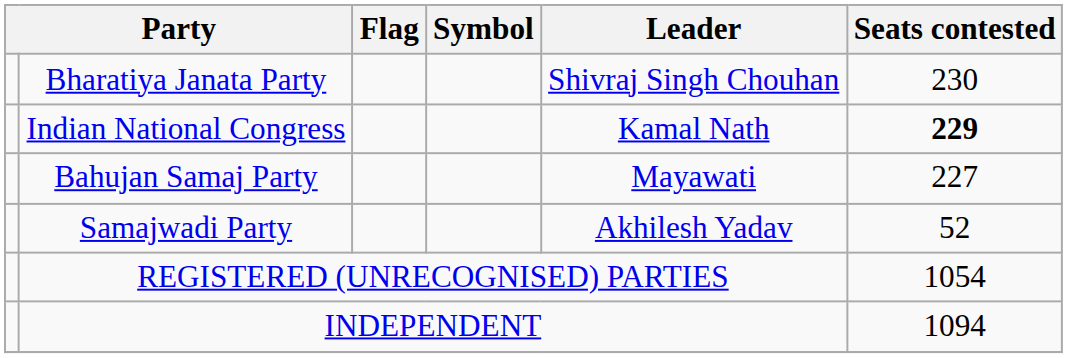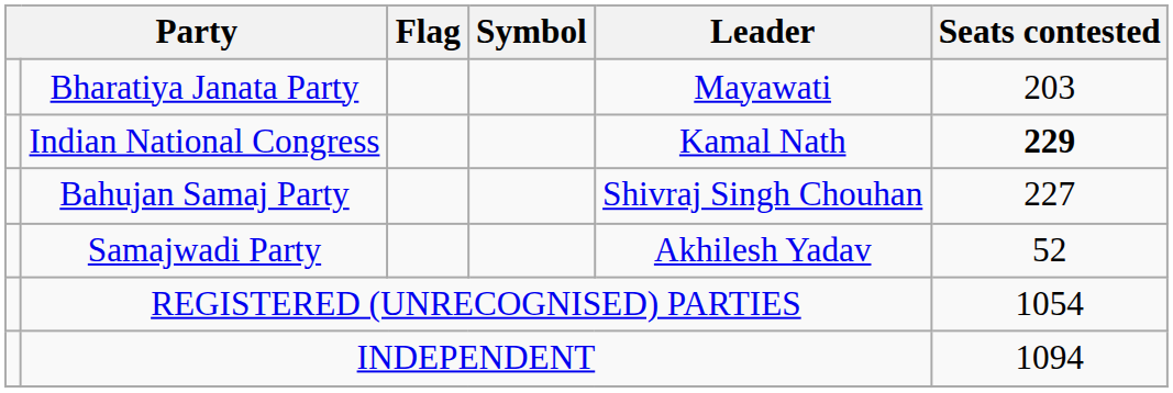 <table class="wikitable" style="text-align:center;">
 <tr>
 <th colspan="2">Party</th>
 <th>Flag</th>
 <th>Symbol</th>
 <th>Leader</th>
 <th>Seats contested</th>
 </tr>
 <tr>
 <td></td>
 <td><a href='#'>Bharatiya Janata Party</a></td>
 <td></td>
 <td></td>
-<td><a href='#'>Shivraj Singh Chouhan</a></td>
-<td>230</td>
+<td><a href='#'>Mayawati</a></td>
+<td>203</td>
 </tr>
 <tr>
 <td></td>
 <td><a href='#'>Indian National Congress</a></td>
 <td></td>
 <td></td>
 <td><a href='#'>Kamal Nath</a></td>
 <td><strong>229</strong></td>
 </tr>
 <tr>
 <td></td>
 <td><a href='#'>Bahujan Samaj Party</a></td>
 <td></td>
 <td></td>
-<td><a href='#'>Mayawati</a></td>
+<td><a href='#'>Shivraj Singh Chouhan</a></td>
 <td>227</td>
 </tr>
 <tr>
 <td></td>
 <td><a href='#'>Samajwadi Party</a></td>
 <td></td>
 <td></td>
 <td><a href='#'>Akhilesh Yadav</a></td>
 <td>52</td>
 </tr>
 <tr>
 <td></td>
 <td colspan="4"><a href='#'>REGISTERED (UNRECOGNISED) PARTIES</a></td>
 <td colspan="4">1054</td>
 </tr>
 <tr>
 <td></td>
 <td colspan="4"><a href='#'>INDEPENDENT</a></td>
 <td colspan="4">1094</td>
 </tr>
 <tr>
 </tr>
 </table>
